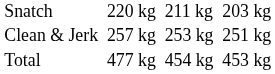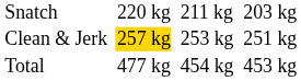 <table>
 <tr>
 <td>Snatch</td>
 <td></td>
 <td>220 kg</td>
 <td></td>
 <td>211 kg</td>
 <td></td>
 <td>203 kg</td>
 </tr>
 <tr>
 <td>Clean & Jerk</td>
 <td></td>
-<td>257 kg</td>
+<td style="background: gold;">257 kg</td>
 <td></td>
 <td>253 kg</td>
 <td></td>
 <td>251 kg</td>
 </tr>
 <tr>
 <td>Total</td>
 <td></td>
 <td>477 kg</td>
 <td></td>
 <td>454 kg</td>
 <td></td>
 <td>453 kg</td>
 </tr>
 </table>
